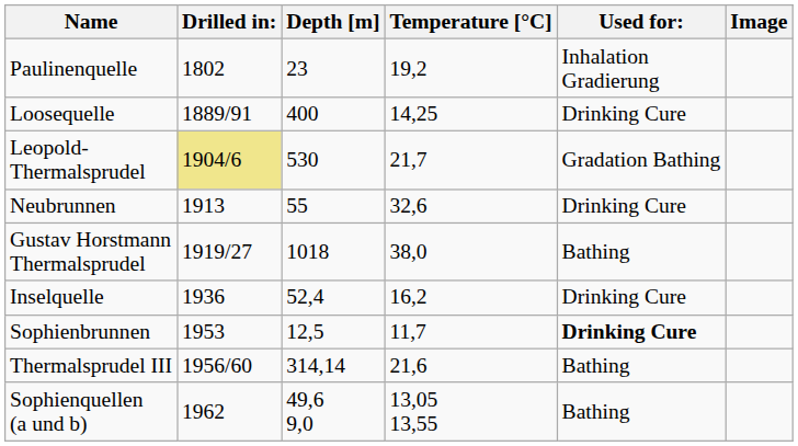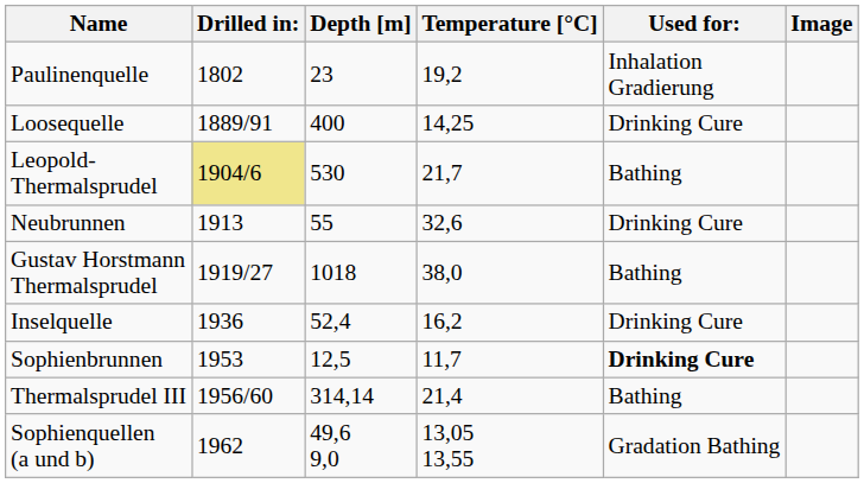 <table class="wikitable">
 <tr style="background:#efefef;">
 <th style= style="text-align:left;">Name</th>
 <th style="text-align:left">Drilled in:</th>
 <th style="text-align:left">Depth [m]</th>
 <th style="text-align:left">Temperature [°C]</th>
 <th>Used for:</th>
 <th>Image</th>
 </tr>
 <tr>
 <td>Paulinenquelle</td>
 <td>1802</td>
 <td>23</td>
 <td>19,2</td>
 <td>Inhalation<br> Gradierung</td>
 <td></td>
 </tr>
 <tr>
 <td>Loosequelle</td>
 <td>1889/91</td>
 <td>400</td>
 <td>14,25</td>
 <td>Drinking Cure</td>
 <td></td>
 </tr>
 <tr>
 <td>Leopold-<br>Thermalsprudel</td>
 <td style="background: khaki;">1904/6</td>
 <td>530</td>
 <td>21,7</td>
-<td>Gradation Bathing</td>
+<td>Bathing</td>
 <td></td>
 </tr>
 <tr>
 <td>Neubrunnen</td>
 <td>1913</td>
 <td>55</td>
 <td>32,6</td>
 <td>Drinking Cure</td>
 <td></td>
 </tr>
 <tr>
 <td>Gustav Horstmann<br>Thermalsprudel</td>
 <td>1919/27</td>
 <td>1018</td>
 <td>38,0</td>
 <td>Bathing</td>
 <td></td>
 </tr>
 <tr>
 <td>Inselquelle</td>
 <td>1936</td>
 <td>52,4</td>
 <td>16,2</td>
 <td>Drinking Cure</td>
 <td></td>
 </tr>
 <tr>
 <td>Sophienbrunnen</td>
 <td>1953</td>
 <td>12,5</td>
 <td>11,7</td>
 <td><strong>Drinking Cure</strong></td>
 <td></td>
 </tr>
 <tr>
 <td>Thermalsprudel III</td>
 <td>1956/60</td>
 <td>314,14</td>
-<td>21,6</td>
+<td>21,4</td>
 <td>Bathing</td>
 <td></td>
 </tr>
 <tr>
 <td>Sophienquellen<br>(a und b)</td>
 <td>1962</td>
 <td>49,6<br>9,0</td>
 <td>13,05<br>13,55</td>
-<td>Bathing</td>
+<td>Gradation Bathing</td>
 <td></td>
 </tr>
 </table>
